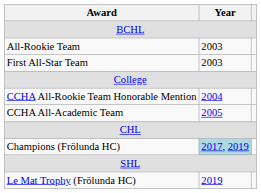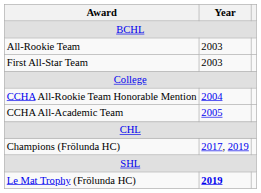 <table class="wikitable">
 <tr>
 <th>Award</th>
 <th>Year</th>
 <th></th>
 </tr>
 <tr ALIGN="center" bgcolor="#e0e0e0">
 <td colspan="3"><a href='#'>BCHL</a></td>
 </tr>
 <tr>
 <td>All-Rookie Team</td>
 <td>2003</td>
 <td></td>
 </tr>
 <tr>
 <td>First All-Star Team</td>
 <td>2003</td>
 <td></td>
 </tr>
 <tr ALIGN="center" bgcolor="#e0e0e0">
 <td colspan="3"><a href='#'>College</a></td>
 </tr>
 <tr>
 <td><a href='#'>CCHA</a> All-Rookie Team Honorable Mention</td>
 <td><a href='#'>2004</a></td>
 <td></td>
 </tr>
 <tr>
 <td>CCHA All-Academic Team</td>
 <td><a href='#'>2005</a></td>
 <td></td>
 </tr>
 <tr ALIGN="center" bgcolor="#e0e0e0">
 <td colspan="3"><a href='#'>CHL</a></td>
 </tr>
 <tr>
 <td>Champions (Frölunda HC)</td>
-<td style="background: lightblue;"><a href='#'>2017</a>, <a href='#'>2019</a></td>
+<td><a href='#'>2017</a>, <a href='#'>2019</a></td>
 <td></td>
 </tr>
 <tr ALIGN="center" bgcolor="#e0e0e0">
 <td colspan="3"><a href='#'>SHL</a></td>
 </tr>
 <tr>
 <td><a href='#'>Le Mat Trophy</a> (Frölunda HC)</td>
-<td><a href='#'>2019</a></td>
+<td><strong><a href='#'>2019</a></strong></td>
 <td></td>
 </tr>
 </table>
